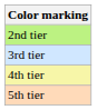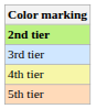 <table class="wikitable">
 <tr>
 <th>Color marking</th>
 </tr>
 <tr bgcolor="#bcf282">
-<td>2nd tier</td>
+<td><strong>2nd tier</strong></td>
 </tr>
 <tr bgcolor="#d0e7ff">
 <td>3rd tier</td>
 </tr>
 <tr bgcolor="#f7f6a8">
 <td>4th tier</td>
 </tr>
 <tr bgcolor="#ffdab9">
 <td>5th tier</td>
 </tr>
 </table>
